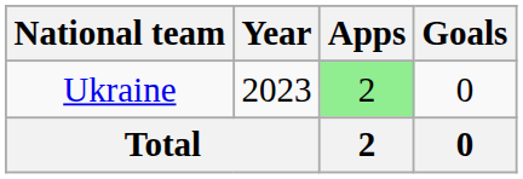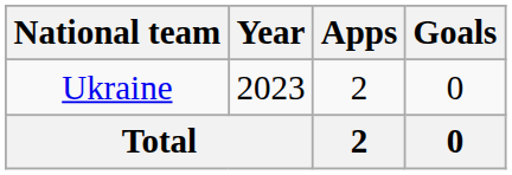 <table class="wikitable" style="text-align:center">
 <tr>
 <th>National team</th>
 <th>Year</th>
 <th>Apps</th>
 <th>Goals</th>
 </tr>
 <tr>
 <td rowspan="1"><a href='#'>Ukraine</a></td>
 <td>2023</td>
-<td style="background: lightgreen;">2</td>
+<td>2</td>
 <td>0</td>
 </tr>
 <tr>
 <th colspan="2">Total</th>
 <th>2</th>
 <th>0</th>
 </tr>
 </table>
